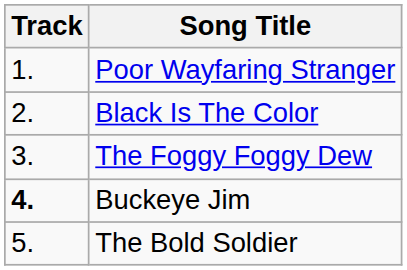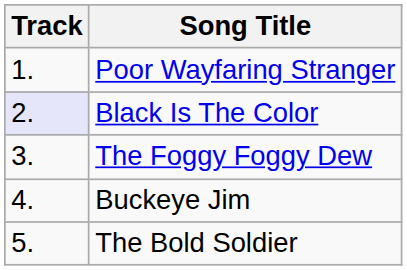 <table class="wikitable">
 <tr>
 <th>Track</th>
 <th>Song Title</th>
 </tr>
 <tr>
 <td>1.</td>
 <td><a href='#'>Poor Wayfaring Stranger</a></td>
 </tr>
 <tr>
-<td>2.</td>
+<td style="background: lavender;">2.</td>
 <td><a href='#'>Black Is The Color</a></td>
 </tr>
 <tr>
 <td>3.</td>
 <td><a href='#'>The Foggy Foggy Dew</a></td>
 </tr>
 <tr>
-<td><strong>4.</strong></td>
+<td>4.</td>
 <td>Buckeye Jim</td>
 </tr>
 <tr>
 <td>5.</td>
 <td>The Bold Soldier</td>
 </tr>
 </table>
